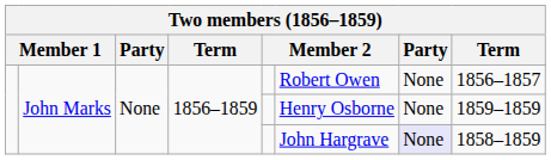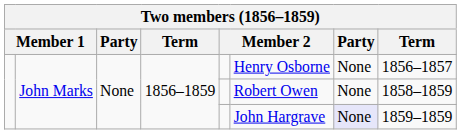 <table class="wikitable">
 <tr>
 <th colspan=8 style="border-right:0px;";>Two members (1856–1859)</th>
 </tr>
 <tr>
 <th colspan="2">Member 1</th>
 <th>Party</th>
 <th>Term</th>
 <th colspan="2">Member 2</th>
 <th>Party</th>
 <th>Term</th>
 </tr>
 <tr>
 <td rowspan="3" > </td>
 <td rowspan="3"><a href='#'>John Marks</a></td>
 <td rowspan="3">None</td>
 <td rowspan="3">1856–1859</td>
 <td> </td>
-<td><a href='#'>Robert Owen</a></td>
+<td><a href='#'>Henry Osborne</a></td>
 <td>None</td>
 <td>1856–1857</td>
 </tr>
 <tr>
 <td> </td>
-<td><a href='#'>Henry Osborne</a></td>
+<td><a href='#'>Robert Owen</a></td>
 <td>None</td>
-<td>1859–1859</td>
+<td>1858–1859</td>
 </tr>
 <tr>
 <td> </td>
 <td><a href='#'>John Hargrave</a></td>
 <td style="background: lavender;">None</td>
-<td>1858–1859</td>
+<td>1859–1859</td>
 </tr>
 </table>
